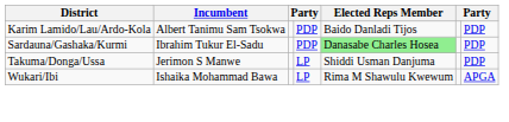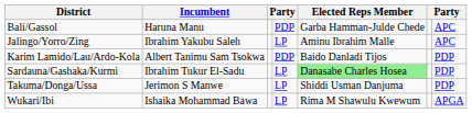 <table class="sortable wikitable" style="font-size:95%;line-height:14px;">
 <tr>
 <th class="unsortable">District</th>
 <th class="unsortable"><a href='#'>Incumbent</a></th>
 <th colspan="2">Party</th>
 <th class="unsortable">Elected Reps Member</th>
 <th colspan="2">Party</th>
+</tr>
+<tr>
+<td>Bali/Gassol</td>
+<td>Haruna Manu</td>
+<td style="background:"></td>
+<td><a href='#'>PDP</a></td>
+<td>Garba Hamman-Julde Chede</td>
+<td style="background:"></td>
+<td><a href='#'>APC</a></td>
+</tr>
+<tr>
+<td>Jalingo/Yorro/Zing</td>
+<td>Ibrahim Yakubu Saleh</td>
+<td style="background:"></td>
+<td><a href='#'>LP</a></td>
+<td>Aminu Ibrahim Malle</td>
+<td style="background:"></td>
+<td><a href='#'>APC</a></td>
 </tr>
 <tr>
 <td>Karim Lamido/Lau/Ardo-Kola</td>
 <td>Albert Tanimu Sam Tsokwa</td>
 <td style="background:"></td>
 <td><a href='#'>PDP</a></td>
 <td>Baido Danladi Tijos</td>
 <td style="background:"></td>
 <td><a href='#'>PDP</a></td>
 </tr>
 <tr>
 <td>Sardauna/Gashaka/Kurmi</td>
 <td>Ibrahim Tukur El-Sadu</td>
 <td style="background:"></td>
-<td><a href='#'>PDP</a></td>
+<td><a href='#'>LP</a></td>
 <td style="background: lightgreen;">Danasabe Charles Hosea</td>
 <td style="background:"></td>
 <td><a href='#'>PDP</a></td>
 </tr>
 <tr>
 <td>Takuma/Donga/Ussa</td>
 <td>Jerimon S Manwe</td>
 <td style="background:"></td>
 <td><a href='#'>LP</a></td>
 <td>Shiddi Usman Danjuma</td>
 <td style="background:"></td>
 <td><a href='#'>PDP</a></td>
 </tr>
 <tr>
 <td>Wukari/Ibi</td>
 <td>Ishaika Mohammad Bawa</td>
 <td style="background:"></td>
 <td><a href='#'>LP</a></td>
 <td>Rima M Shawulu Kwewum</td>
 <td style="background:"></td>
 <td><a href='#'>APGA</a></td>
 </tr>
 </table>
